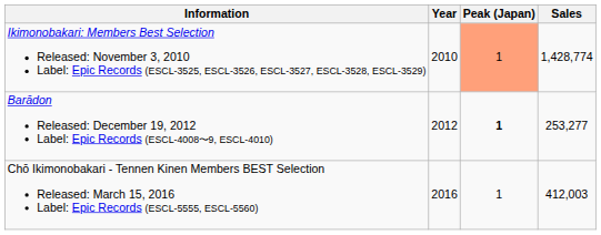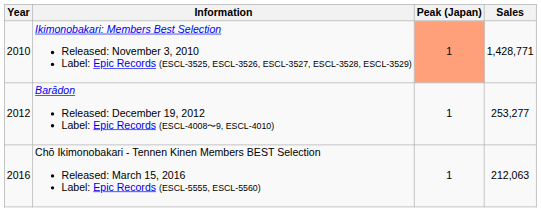 <table class="wikitable">
 <tr>
+<th>Year</th>
 <th>Information</th>
-<th>Year</th>
 <th>Peak (Japan)</th>
 <th>Sales</th>
 </tr>
 <tr>
+<td>2010</td>
 <td><em><a href='#'>Ikimonobakari: Members Best Selection</a></em><br><ul><li>Released: November 3, 2010</li><li>Label: <a href='#'>Epic Records</a> <small>(ESCL-3525, ESCL-3526, ESCL-3527, ESCL-3528, ESCL-3529)</small></li></ul></td>
-<td>2010</td>
 <td align="center" style="background: lightsalmon;">1</td>
-<td align="center">1,428,774</td>
+<td align="center">1,428,771</td>
 </tr>
 <tr>
+<td>2012</td>
 <td><em><a href='#'>Barādon</a></em><br><ul><li>Released: December 19, 2012</li><li>Label: <a href='#'>Epic Records</a> <small>(ESCL-4008〜9, ESCL-4010)</small></li></ul></td>
-<td>2012</td>
-<td align="center"><strong>1</strong></td>
+<td align="center">1</td>
 <td align="center">253,277</td>
 </tr>
 <tr>
+<td>2016</td>
 <td>Chō Ikimonobakari - Tennen Kinen Members BEST Selection<br><ul><li>Released: March 15, 2016</li><li>Label: <a href='#'>Epic Records</a> <small>(ESCL-5555, ESCL-5560)</small></li></ul></td>
-<td>2016</td>
 <td align="center">1</td>
-<td align="center">412,003</td>
+<td align="center">212,063</td>
 </tr>
 </table>
